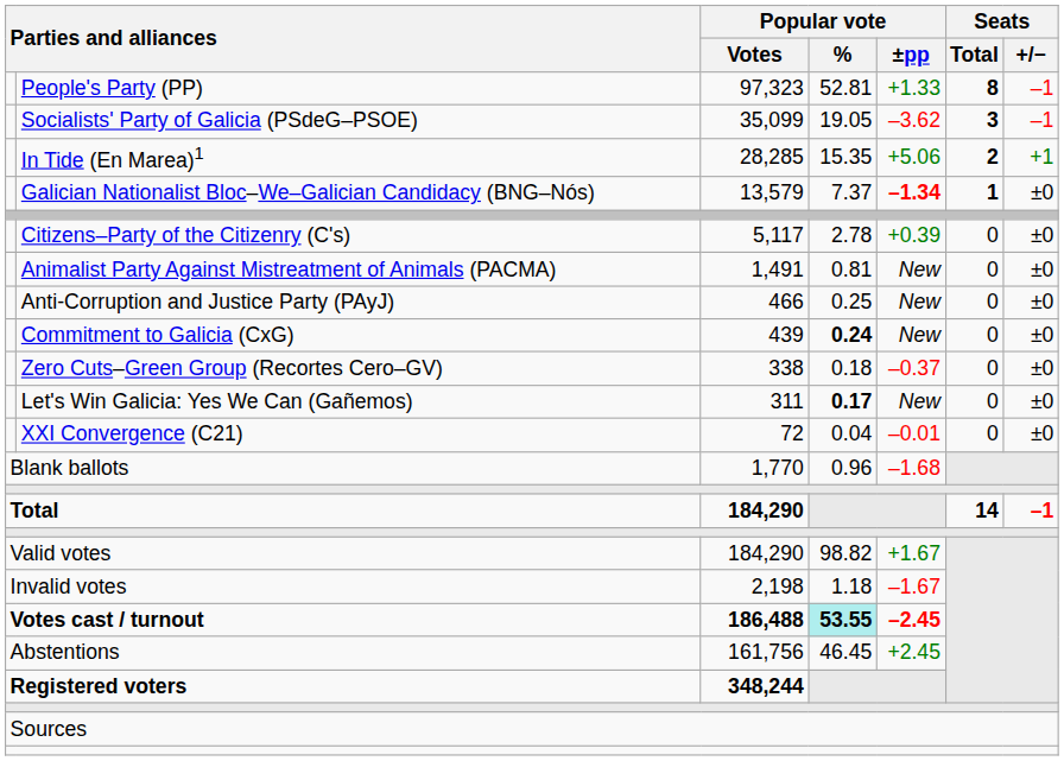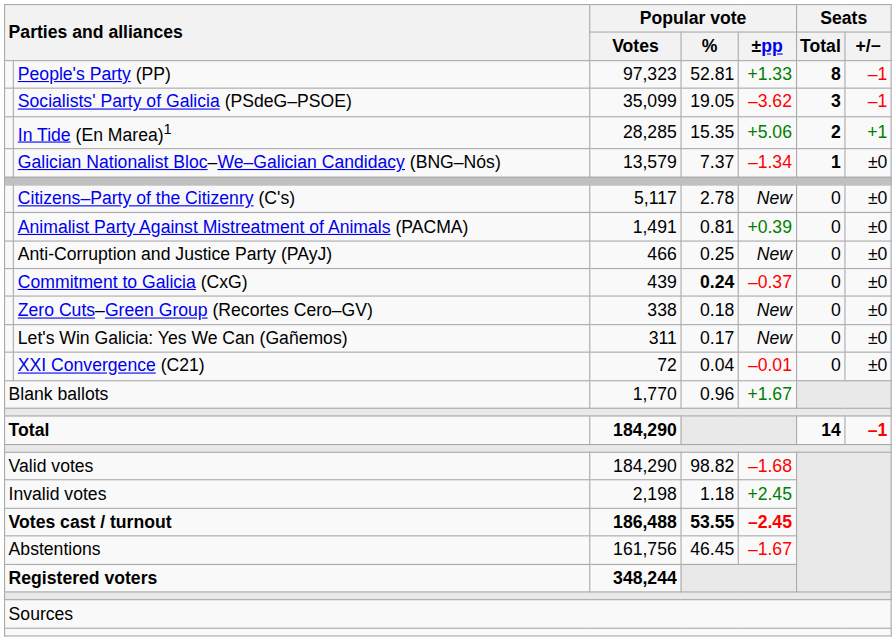 <table class="wikitable" style="text-align:right;">
 <tr>
 <th style="text-align:left;" rowspan="2" colspan="2" width="525">Parties and alliances</th>
 <th colspan="3">Popular vote</th>
 <th colspan="2">Seats</th>
 </tr>
 <tr>
 <th width="75">Votes</th>
 <th width="45">%</th>
 <th width="45">±<a href='#'>pp</a></th>
 <th width="35">Total</th>
 <th width="35">+/−</th>
 </tr>
 <tr>
 <td width="1" style="color:inherit;background:"></td>
 <td align="left"><a href='#'>People's Party</a> (PP)</td>
 <td>97,323</td>
 <td>52.81</td>
 <td style="color:green;">+1.33</td>
 <td><strong>8</strong></td>
 <td style="color:red;">–1</td>
 </tr>
 <tr>
 <td style="color:inherit;background:"></td>
 <td align="left"><a href='#'>Socialists' Party of Galicia</a> (PSdeG–PSOE)</td>
 <td>35,099</td>
 <td>19.05</td>
 <td style="color:red;">–3.62</td>
 <td><strong>3</strong></td>
 <td style="color:red;">–1</td>
 </tr>
 <tr>
 <td style="color:inherit;background:"></td>
 <td align="left"><a href='#'>In Tide</a> (En Marea)<sup>1</sup></td>
 <td>28,285</td>
 <td>15.35</td>
 <td style="color:green;">+5.06</td>
 <td><strong>2</strong></td>
 <td style="color:green;">+1</td>
 </tr>
 <tr>
 <td style="color:inherit;background:"></td>
 <td align="left"><a href='#'>Galician Nationalist Bloc</a>–<a href='#'>We–Galician Candidacy</a> (BNG–Nós)</td>
 <td>13,579</td>
 <td>7.37</td>
-<td style="color:red;"><strong>–1.34</strong></td>
+<td style="color:red;">–1.34</td>
 <td><strong>1</strong></td>
 <td>±0</td>
 </tr>
 <tr>
 <td colspan="7" bgcolor="#C0C0C0"></td>
 </tr>
 <tr>
 <td style="color:inherit;background:"></td>
 <td align="left"><a href='#'>Citizens–Party of the Citizenry</a> (C's)</td>
 <td>5,117</td>
 <td>2.78</td>
-<td style="color:green;">+0.39</td>
+<td><em>New</em></td>
 <td>0</td>
 <td>±0</td>
 </tr>
 <tr>
 <td style="color:inherit;background:"></td>
 <td align="left"><a href='#'>Animalist Party Against Mistreatment of Animals</a> (PACMA)</td>
 <td>1,491</td>
 <td>0.81</td>
-<td><em>New</em></td>
+<td style="color:green;">+0.39</td>
 <td>0</td>
 <td>±0</td>
 </tr>
 <tr>
 <td style="color:inherit;background:"></td>
 <td align="left">Anti-Corruption and Justice Party (PAyJ)</td>
 <td>466</td>
 <td>0.25</td>
 <td><em>New</em></td>
 <td>0</td>
 <td>±0</td>
 </tr>
 <tr>
 <td style="color:inherit;background:"></td>
 <td align="left"><a href='#'>Commitment to Galicia</a> (CxG)</td>
 <td>439</td>
 <td><strong>0.24</strong></td>
-<td><em>New</em></td>
+<td style="color:red;">–0.37</td>
 <td>0</td>
 <td>±0</td>
 </tr>
 <tr>
 <td style="color:inherit;background:"></td>
 <td align="left"><a href='#'>Zero Cuts</a>–<a href='#'>Green Group</a> (Recortes Cero–GV)</td>
 <td>338</td>
 <td>0.18</td>
-<td style="color:red;">–0.37</td>
+<td><em>New</em></td>
 <td>0</td>
 <td>±0</td>
 </tr>
 <tr>
 <td style="color:inherit;background:"></td>
 <td align="left">Let's Win Galicia: Yes We Can (Gañemos)</td>
 <td>311</td>
-<td><strong>0.17</strong></td>
+<td>0.17</td>
 <td><em>New</em></td>
 <td>0</td>
 <td>±0</td>
 </tr>
 <tr>
 <td style="color:inherit;background:"></td>
 <td align="left"><a href='#'>XXI Convergence</a> (C21)</td>
 <td>72</td>
 <td>0.04</td>
 <td style="color:red;">–0.01</td>
 <td>0</td>
 <td>±0</td>
 </tr>
 <tr>
 <td align="left" colspan="2">Blank ballots</td>
 <td>1,770</td>
 <td>0.96</td>
-<td style="color:red;">–1.68</td>
+<td style="color:green;">+1.67</td>
 <td bgcolor="#E9E9E9" colspan="2"></td>
 </tr>
 <tr>
 <td colspan="7" bgcolor="#E9E9E9"></td>
 </tr>
 <tr style="font-weight:bold;">
 <td align="left" colspan="2">Total</td>
 <td>184,290</td>
 <td bgcolor="#E9E9E9" colspan="2"></td>
 <td>14</td>
 <td style="color:red;">–1</td>
 </tr>
 <tr>
 <td colspan="7" bgcolor="#E9E9E9"></td>
 </tr>
 <tr>
 <td align="left" colspan="2">Valid votes</td>
 <td>184,290</td>
 <td>98.82</td>
-<td style="color:green;">+1.67</td>
+<td style="color:red;">–1.68</td>
 <td bgcolor="#E9E9E9" colspan="2" rowspan="5"></td>
 </tr>
 <tr>
 <td align="left" colspan="2">Invalid votes</td>
 <td>2,198</td>
 <td>1.18</td>
-<td style="color:red;">–1.67</td>
+<td style="color:green;">+2.45</td>
 </tr>
 <tr style="font-weight:bold;">
 <td align="left" colspan="2">Votes cast / turnout</td>
 <td>186,488</td>
-<td style="background: paleturquoise;">53.55</td>
+<td>53.55</td>
 <td style="color:red;">–2.45</td>
 </tr>
 <tr>
 <td align="left" colspan="2">Abstentions</td>
 <td>161,756</td>
 <td>46.45</td>
-<td style="color:green;">+2.45</td>
+<td style="color:red;">–1.67</td>
 </tr>
 <tr style="font-weight:bold;">
 <td align="left" colspan="2">Registered voters</td>
 <td>348,244</td>
 <td bgcolor="#E9E9E9" colspan="2"></td>
 </tr>
 <tr>
 <td colspan="7" bgcolor="#E9E9E9"></td>
 </tr>
 <tr>
 <td align="left" colspan="7">Sources</td>
 </tr>
 <tr>
 <td colspan="7" style="text-align:left; max-width:790px;"></td>
 </tr>
 </table>
